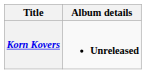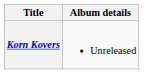 <table class="wikitable plainrowheaders" style="text-align:center;">
 <tr>
 <th scope="col">Title</th>
 <th scope="col">Album details</th>
 </tr>
 <tr>
 <th scope="row"><em><a href='#'>Korn Kovers</a></em></th>
-<td><strong><br><ul><li>Unreleased</li></ul></strong></td>
+<td><br><ul><li>Unreleased</li></ul></td>
 </tr>
 </table>
